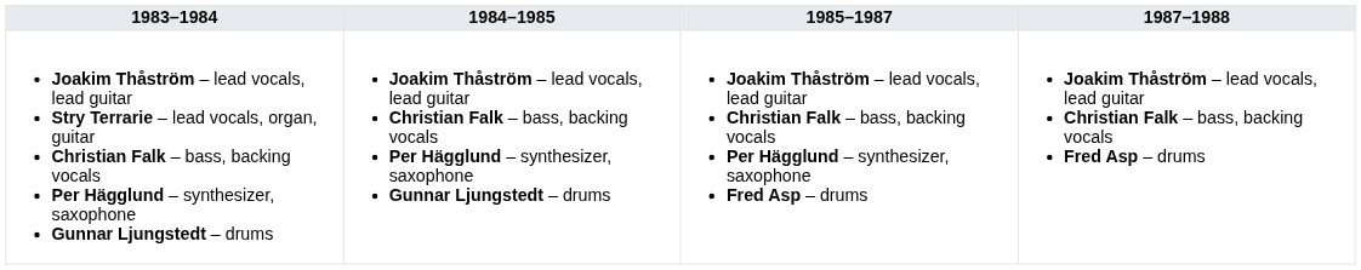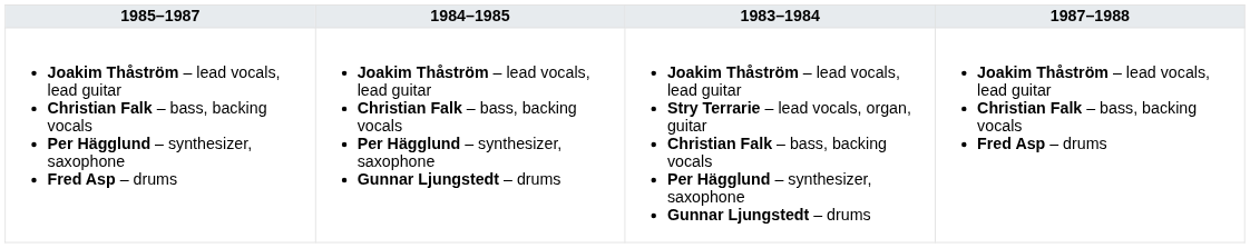 <table class="toccolours" border=1 cellpadding=2 cellspacing=0 style="float: width: 375px; margin: 0 0 1em 1em; border-collapse: collapse; border: 1px solid #E2E2E2;" width=99%>
 <tr>
+<th bgcolor="#E7EBEE" valign=top width=25%>1985–1987</th>
+<th bgcolor="#E7EBEE" valign=top width=25%>1984–1985</th>
 <th bgcolor="#E7EBEE" valign=top width=25%>1983–1984</th>
-<th bgcolor="#E7EBEE" valign=top width=25%>1984–1985</th>
-<th bgcolor="#E7EBEE" valign=top width=25%>1985–1987</th>
 <th bgcolor="#E7EBEE" valign=top width=25%>1987–1988</th>
 </tr>
 <tr>
+<td valign=top><br><ul><li><strong>Joakim Thåström</strong> – lead vocals, lead guitar</li><li><strong>Christian Falk</strong> – bass, backing vocals</li><li><strong>Per Hägglund</strong> – synthesizer, saxophone</li><li><strong>Fred Asp</strong> – drums</li></ul></td>
+<td valign=top><br><ul><li><strong>Joakim Thåström</strong> – lead vocals, lead guitar</li><li><strong>Christian Falk</strong> – bass, backing vocals</li><li><strong>Per Hägglund</strong> – synthesizer, saxophone</li><li><strong>Gunnar Ljungstedt</strong> – drums</li></ul></td>
 <td valign=top><br><ul><li><strong>Joakim Thåström</strong> – lead vocals, lead guitar</li><li><strong>Stry Terrarie</strong> – lead vocals, organ, guitar</li><li><strong>Christian Falk</strong> – bass, backing vocals</li><li><strong>Per Hägglund</strong> – synthesizer, saxophone</li><li><strong>Gunnar Ljungstedt</strong> – drums</li></ul></td>
-<td valign=top><br><ul><li><strong>Joakim Thåström</strong> – lead vocals, lead guitar</li><li><strong>Christian Falk</strong> – bass, backing vocals</li><li><strong>Per Hägglund</strong> – synthesizer, saxophone</li><li><strong>Gunnar Ljungstedt</strong> – drums</li></ul></td>
-<td valign=top><br><ul><li><strong>Joakim Thåström</strong> – lead vocals, lead guitar</li><li><strong>Christian Falk</strong> – bass, backing vocals</li><li><strong>Per Hägglund</strong> – synthesizer, saxophone</li><li><strong>Fred Asp</strong> – drums</li></ul></td>
 <td valign=top><br><ul><li><strong>Joakim Thåström</strong> – lead vocals, lead guitar</li><li><strong>Christian Falk</strong> – bass, backing vocals</li><li><strong>Fred Asp</strong> – drums</li></ul></td>
 </tr>
 </table>
